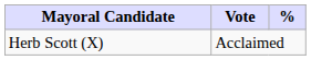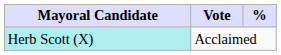 <table class="wikitable">
 <tr>
 <th style="background:#ddf; width:200px;">Mayoral Candidate </th>
 <th style="background:#ddf; width:50px;">Vote</th>
 <th style="background:#ddf; width:30px;">%</th>
 </tr>
 <tr>
-<td>Herb Scott (X)</td>
+<td style="background: paleturquoise;">Herb Scott (X)</td>
 <td colspan="2">Acclaimed</td>
 </tr>
 </table>
